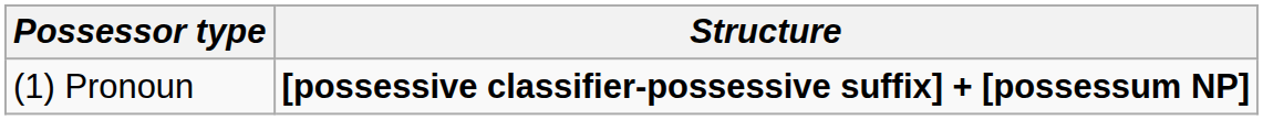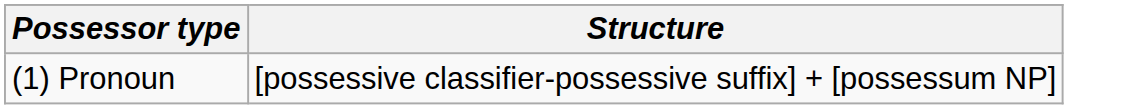 <table class="wikitable">
 <tr>
 <th><em>Possessor type</em></th>
 <th><em>Structure</em></th>
 </tr>
 <tr>
 <td>(1) Pronoun</td>
-<td><strong>[possessive classifier-possessive suffix] + [possessum NP]</strong></td>
+<td>[possessive classifier-possessive suffix] + [possessum NP]</td>
 </tr>
 </table>
